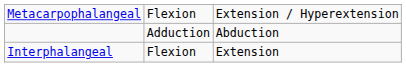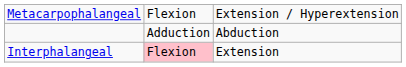 <table class="wikitable">
 <tr>
 <td><a href='#'>Metacarpophalangeal</a></td>
 <td>Flexion</td>
 <td>Extension / Hyperextension</td>
 </tr>
 <tr>
 <td></td>
 <td>Adduction</td>
 <td>Abduction</td>
 </tr>
 <tr>
 <td><a href='#'>Interphalangeal</a></td>
-<td>Flexion</td>
+<td style="background: pink;">Flexion</td>
 <td>Extension</td>
 </tr>
 </table>
